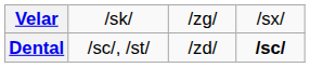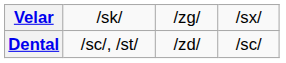 <table class="wikitable">
 <tr>
 <th colspan="1"><a href='#'>Velar</a></th>
 <td align=center>   /sk/   </td>
 <td align=center>   /zg/   </td>
 <td align=center>   /sx/   </td>
 </tr>
 <tr>
 <th colspan="1"><a href='#'>Dental</a></th>
 <td align=center>   /sc/, /st/   </td>
 <td align=center>   /zd/   </td>
-<td align=center><strong>   /sc/   </strong></td>
+<td align=center>   /sc/   </td>
 </tr>
 </table>
